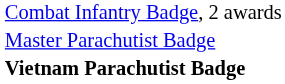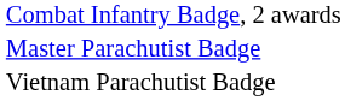 <table>
 <tr>
 <td> <a href='#'>Combat Infantry Badge</a>, 2 awards</td>
 </tr>
 <tr>
 <td> <a href='#'>Master Parachutist Badge</a></td>
 </tr>
 <tr>
-<td><strong> Vietnam Parachutist Badge</strong></td>
+<td> Vietnam Parachutist Badge</td>
 </tr>
 </table>
